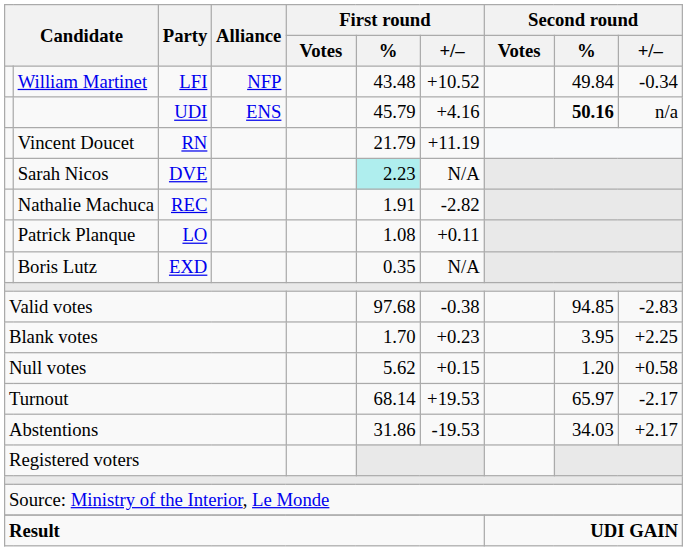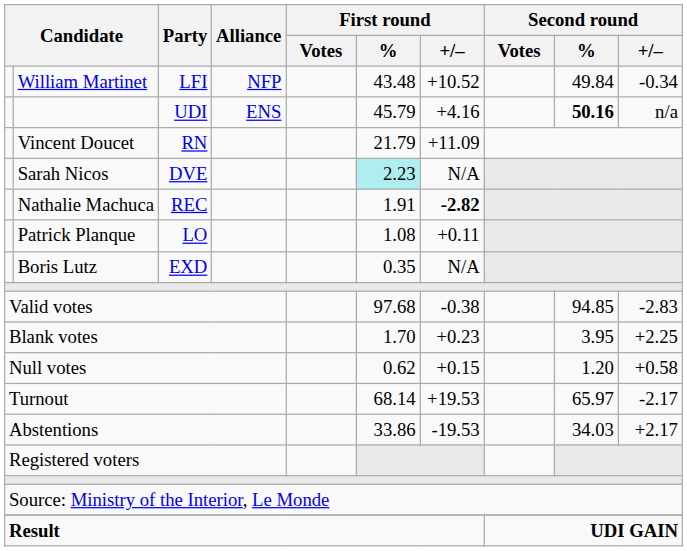 <table class="wikitable" style="text-align:right;font-size:95%;">
 <tr>
 <th rowspan="2" colspan="2">Candidate</th>
 <th rowspan="2">Party</th>
 <th rowspan="2">Alliance</th>
 <th colspan="3">First round</th>
 <th colspan="3">Second round</th>
 </tr>
 <tr>
 <th style="width:50px;">Votes</th>
 <th style="width:45px;">%</th>
 <th style="width:45px;">+/–</th>
 <th style="width:50px;">Votes</th>
 <th style="width:45px;">%</th>
 <th style="width:45px;">+/–</th>
 </tr>
 <tr>
 <td style="color:inherit;background:"></td>
 <td style="text-align:left;"><a href='#'>William Martinet</a></td>
 <td><a href='#'>LFI</a></td>
 <td><a href='#'>NFP</a></td>
 <td></td>
 <td>43.48</td>
 <td>+10.52</td>
 <td></td>
 <td>49.84</td>
 <td>-0.34</td>
 </tr>
 <tr>
 <td style="color:inherit;background:"></td>
 <td style="text-align:left;"></td>
 <td><a href='#'>UDI</a></td>
 <td><a href='#'>ENS</a></td>
 <td></td>
 <td>45.79</td>
 <td>+4.16</td>
 <td><strong> </strong></td>
 <td><strong> 50.16 </strong></td>
 <td>n/a</td>
 </tr>
 <tr>
 <td style="color:inherit;background:"></td>
 <td style="text-align:left;">Vincent Doucet</td>
 <td><a href='#'>RN</a></td>
 <td></td>
 <td></td>
 <td>21.79</td>
-<td>+11.19</td>
+<td>+11.09</td>
 <td colspan="3" style="background:#F8F9FA;"></td>
 </tr>
 <tr>
 <td style="color:inherit;background:"></td>
 <td style="text-align:left;">Sarah Nicos</td>
 <td><a href='#'>DVE</a></td>
 <td></td>
 <td></td>
 <td style="background: paleturquoise;">2.23</td>
 <td>N/A</td>
 <td colspan="3" style="background:#E9E9E9;"></td>
 </tr>
 <tr>
 <td style="color:inherit;background:"></td>
 <td style="text-align:left;">Nathalie Machuca</td>
 <td><a href='#'>REC</a></td>
 <td></td>
 <td></td>
 <td>1.91</td>
-<td>-2.82</td>
+<td><strong>-2.82</strong></td>
 <td colspan="3" style="background:#E9E9E9;"></td>
 </tr>
 <tr>
 <td style="color:inherit;background:"></td>
 <td style="text-align:left;">Patrick Planque</td>
 <td><a href='#'>LO</a></td>
 <td></td>
 <td></td>
 <td>1.08</td>
 <td>+0.11</td>
 <td colspan="3" style="background:#E9E9E9;"></td>
 </tr>
 <tr>
 <td style="color:inherit;background:"></td>
 <td style="text-align:left;">Boris Lutz</td>
 <td><a href='#'>EXD</a></td>
 <td></td>
 <td></td>
 <td>0.35</td>
 <td>N/A</td>
 <td colspan="3" style="background:#E9E9E9;"></td>
 </tr>
 <tr>
 <td colspan="10" style="background:#E9E9E9;"></td>
 </tr>
 <tr>
 <td colspan="4" style="text-align:left;">Valid votes</td>
 <td></td>
 <td>97.68</td>
 <td>-0.38</td>
 <td></td>
 <td>94.85</td>
 <td>-2.83</td>
 </tr>
 <tr>
 <td colspan="4" style="text-align:left;">Blank votes</td>
 <td></td>
 <td>1.70</td>
 <td>+0.23</td>
 <td></td>
 <td>3.95</td>
 <td>+2.25</td>
 </tr>
 <tr>
 <td colspan="4" style="text-align:left;">Null votes</td>
 <td></td>
-<td>5.62</td>
+<td>0.62</td>
 <td>+0.15</td>
 <td></td>
 <td>1.20</td>
 <td>+0.58</td>
 </tr>
 <tr>
 <td colspan="4" style="text-align:left;">Turnout</td>
 <td></td>
 <td>68.14</td>
 <td>+19.53</td>
 <td></td>
 <td>65.97</td>
 <td>-2.17</td>
 </tr>
 <tr>
 <td colspan="4" style="text-align:left;">Abstentions</td>
 <td></td>
-<td>31.86</td>
+<td>33.86</td>
 <td>-19.53</td>
 <td></td>
 <td>34.03</td>
 <td>+2.17</td>
 </tr>
 <tr>
 <td colspan="4" style="text-align:left;">Registered voters</td>
 <td></td>
 <td colspan="2" style="background:#E9E9E9;"></td>
 <td></td>
 <td colspan="2" style="background:#E9E9E9;"></td>
 </tr>
 <tr>
 <td colspan="10" style="background:#E9E9E9;"></td>
 </tr>
 <tr>
 <td colspan="10" style="text-align:left;">Source: <a href='#'>Ministry of the Interior</a>, <a href='#'>Le Monde</a></td>
 </tr>
 <tr>
 </tr>
 <tr style="font-weight:bold">
 <td colspan="7" style="text-align:left;">Result</td>
 <td colspan="7" style="background-color:">UDI GAIN</td>
 </tr>
 </table>
